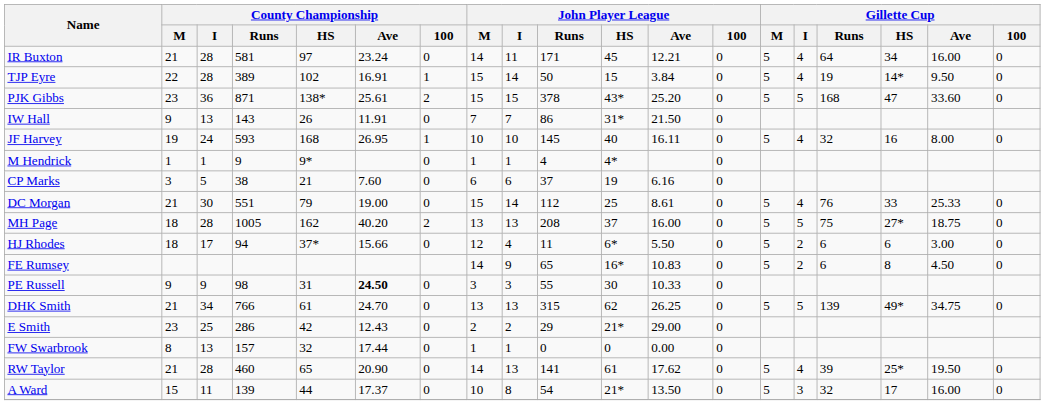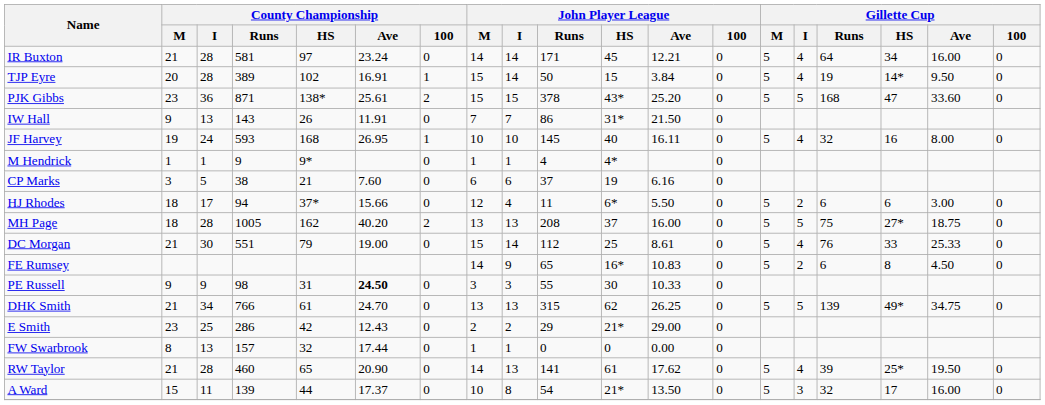 <table class="wikitable " width="100%">
 <tr bgcolor="#efefef">
 <th rowspan=2>Name</th>
 <th colspan=6><a href='#'>County Championship</a></th>
 <th colspan=6><a href='#'>John Player League</a></th>
 <th colspan=6><a href='#'>Gillette Cup</a></th>
 </tr>
 <tr>
 <th>M</th>
 <th>I</th>
 <th>Runs</th>
 <th>HS</th>
 <th>Ave</th>
 <th>100</th>
 <th>M</th>
 <th>I</th>
 <th>Runs</th>
 <th>HS</th>
 <th>Ave</th>
 <th>100</th>
 <th>M</th>
 <th>I</th>
 <th>Runs</th>
 <th>HS</th>
 <th>Ave</th>
 <th>100</th>
 </tr>
 <tr>
 <td><a href='#'>IR Buxton</a></td>
 <td>21</td>
 <td>28</td>
 <td>581</td>
 <td>97</td>
 <td>23.24</td>
 <td>0</td>
 <td>14</td>
-<td>11</td>
+<td>14</td>
 <td>171</td>
 <td>45</td>
 <td>12.21</td>
 <td>0</td>
 <td>5</td>
 <td>4</td>
 <td>64</td>
 <td>34</td>
 <td>16.00</td>
 <td>0</td>
 </tr>
 <tr>
 <td><a href='#'>TJP Eyre</a></td>
-<td>22</td>
+<td>20</td>
 <td>28</td>
 <td>389</td>
 <td>102</td>
 <td>16.91</td>
 <td>1</td>
 <td>15</td>
 <td>14</td>
 <td>50</td>
 <td>15</td>
 <td>3.84</td>
 <td>0</td>
 <td>5</td>
 <td>4</td>
 <td>19</td>
 <td>14*</td>
 <td>9.50</td>
 <td>0</td>
 </tr>
 <tr>
 <td><a href='#'>PJK Gibbs</a></td>
 <td>23</td>
 <td>36</td>
 <td>871</td>
 <td>138*</td>
 <td>25.61</td>
 <td>2</td>
 <td>15</td>
 <td>15</td>
 <td>378</td>
 <td>43*</td>
 <td>25.20</td>
 <td>0</td>
 <td>5</td>
 <td>5</td>
 <td>168</td>
 <td>47</td>
 <td>33.60</td>
 <td>0</td>
 </tr>
 <tr>
 <td><a href='#'>IW Hall</a></td>
 <td>9</td>
 <td>13</td>
 <td>143</td>
 <td>26</td>
 <td>11.91</td>
 <td>0</td>
 <td>7</td>
 <td>7</td>
 <td>86</td>
 <td>31*</td>
 <td>21.50</td>
 <td>0</td>
 <td></td>
 <td></td>
 <td></td>
 <td></td>
 <td></td>
 <td></td>
 </tr>
 <tr>
 <td><a href='#'>JF Harvey</a></td>
 <td>19</td>
 <td>24</td>
 <td>593</td>
 <td>168</td>
 <td>26.95</td>
 <td>1</td>
 <td>10</td>
 <td>10</td>
 <td>145</td>
 <td>40</td>
 <td>16.11</td>
 <td>0</td>
 <td>5</td>
 <td>4</td>
 <td>32</td>
 <td>16</td>
 <td>8.00</td>
 <td>0</td>
 </tr>
 <tr>
 <td><a href='#'>M Hendrick</a></td>
 <td>1</td>
 <td>1</td>
 <td>9</td>
 <td>9*</td>
 <td></td>
 <td>0</td>
 <td>1</td>
 <td>1</td>
 <td>4</td>
 <td>4*</td>
 <td></td>
 <td>0</td>
 <td></td>
 <td></td>
 <td></td>
 <td></td>
 <td></td>
 <td></td>
 </tr>
 <tr>
 <td><a href='#'>CP Marks</a></td>
 <td>3</td>
 <td>5</td>
 <td>38</td>
 <td>21</td>
 <td>7.60</td>
 <td>0</td>
 <td>6</td>
 <td>6</td>
 <td>37</td>
 <td>19</td>
 <td>6.16</td>
 <td>0</td>
 <td></td>
 <td></td>
 <td></td>
 <td></td>
 <td></td>
 <td></td>
 </tr>
 <tr>
-<td><a href='#'>DC Morgan</a></td>
-<td>21</td>
-<td>30</td>
-<td>551</td>
-<td>79</td>
-<td>19.00</td>
+<td><a href='#'>HJ Rhodes</a></td>
+<td>18</td>
+<td>17</td>
+<td>94</td>
+<td>37*</td>
+<td>15.66</td>
 <td>0</td>
-<td>15</td>
-<td>14</td>
-<td>112</td>
-<td>25</td>
-<td>8.61</td>
+<td>12</td>
+<td>4</td>
+<td>11</td>
+<td>6*</td>
+<td>5.50</td>
 <td>0</td>
 <td>5</td>
-<td>4</td>
-<td>76</td>
-<td>33</td>
-<td>25.33</td>
+<td>2</td>
+<td>6</td>
+<td>6</td>
+<td>3.00</td>
 <td>0</td>
 </tr>
 <tr>
 <td><a href='#'>MH Page</a></td>
 <td>18</td>
 <td>28</td>
 <td>1005</td>
 <td>162</td>
 <td>40.20</td>
 <td>2</td>
 <td>13</td>
 <td>13</td>
 <td>208</td>
 <td>37</td>
 <td>16.00</td>
 <td>0</td>
 <td>5</td>
 <td>5</td>
 <td>75</td>
 <td>27*</td>
 <td>18.75</td>
 <td>0</td>
 </tr>
 <tr>
-<td><a href='#'>HJ Rhodes</a></td>
-<td>18</td>
-<td>17</td>
-<td>94</td>
-<td>37*</td>
-<td>15.66</td>
+<td><a href='#'>DC Morgan</a></td>
+<td>21</td>
+<td>30</td>
+<td>551</td>
+<td>79</td>
+<td>19.00</td>
 <td>0</td>
-<td>12</td>
-<td>4</td>
-<td>11</td>
-<td>6*</td>
-<td>5.50</td>
+<td>15</td>
+<td>14</td>
+<td>112</td>
+<td>25</td>
+<td>8.61</td>
 <td>0</td>
 <td>5</td>
-<td>2</td>
-<td>6</td>
-<td>6</td>
-<td>3.00</td>
+<td>4</td>
+<td>76</td>
+<td>33</td>
+<td>25.33</td>
 <td>0</td>
 </tr>
 <tr>
 <td><a href='#'>FE Rumsey</a></td>
 <td></td>
 <td></td>
 <td></td>
 <td></td>
 <td></td>
 <td></td>
 <td>14</td>
 <td>9</td>
 <td>65</td>
 <td>16*</td>
 <td>10.83</td>
 <td>0</td>
 <td>5</td>
 <td>2</td>
 <td>6</td>
 <td>8</td>
 <td>4.50</td>
 <td>0</td>
 </tr>
 <tr>
 <td><a href='#'>PE Russell</a></td>
 <td>9</td>
 <td>9</td>
 <td>98</td>
 <td>31</td>
 <td><strong>24.50</strong></td>
 <td>0</td>
 <td>3</td>
 <td>3</td>
 <td>55</td>
 <td>30</td>
 <td>10.33</td>
 <td>0</td>
 <td></td>
 <td></td>
 <td></td>
 <td></td>
 <td></td>
 <td></td>
 </tr>
 <tr>
 <td><a href='#'>DHK Smith</a></td>
 <td>21</td>
 <td>34</td>
 <td>766</td>
 <td>61</td>
 <td>24.70</td>
 <td>0</td>
 <td>13</td>
 <td>13</td>
 <td>315</td>
 <td>62</td>
 <td>26.25</td>
 <td>0</td>
 <td>5</td>
 <td>5</td>
 <td>139</td>
 <td>49*</td>
 <td>34.75</td>
 <td>0</td>
 </tr>
 <tr>
 <td><a href='#'>E Smith</a></td>
 <td>23</td>
 <td>25</td>
 <td>286</td>
 <td>42</td>
 <td>12.43</td>
 <td>0</td>
 <td>2</td>
 <td>2</td>
 <td>29</td>
 <td>21*</td>
 <td>29.00</td>
 <td>0</td>
 <td></td>
 <td></td>
 <td></td>
 <td></td>
 <td></td>
 <td></td>
 </tr>
 <tr>
 <td><a href='#'>FW Swarbrook</a></td>
 <td>8</td>
 <td>13</td>
 <td>157</td>
 <td>32</td>
 <td>17.44</td>
 <td>0</td>
 <td>1</td>
 <td>1</td>
 <td>0</td>
 <td>0</td>
 <td>0.00</td>
 <td>0</td>
 <td></td>
 <td></td>
 <td></td>
 <td></td>
 <td></td>
 <td></td>
 </tr>
 <tr>
 <td><a href='#'>RW Taylor</a></td>
 <td>21</td>
 <td>28</td>
 <td>460</td>
 <td>65</td>
 <td>20.90</td>
 <td>0</td>
 <td>14</td>
 <td>13</td>
 <td>141</td>
 <td>61</td>
 <td>17.62</td>
 <td>0</td>
 <td>5</td>
 <td>4</td>
 <td>39</td>
 <td>25*</td>
 <td>19.50</td>
 <td>0</td>
 </tr>
 <tr>
 <td><a href='#'>A Ward</a></td>
 <td>15</td>
 <td>11</td>
 <td>139</td>
 <td>44</td>
 <td>17.37</td>
 <td>0</td>
 <td>10</td>
 <td>8</td>
 <td>54</td>
 <td>21*</td>
 <td>13.50</td>
 <td>0</td>
 <td>5</td>
 <td>3</td>
 <td>32</td>
 <td>17</td>
 <td>16.00</td>
 <td>0<br> </td>
 </tr>
 <tr>
 </tr>
 </table>
